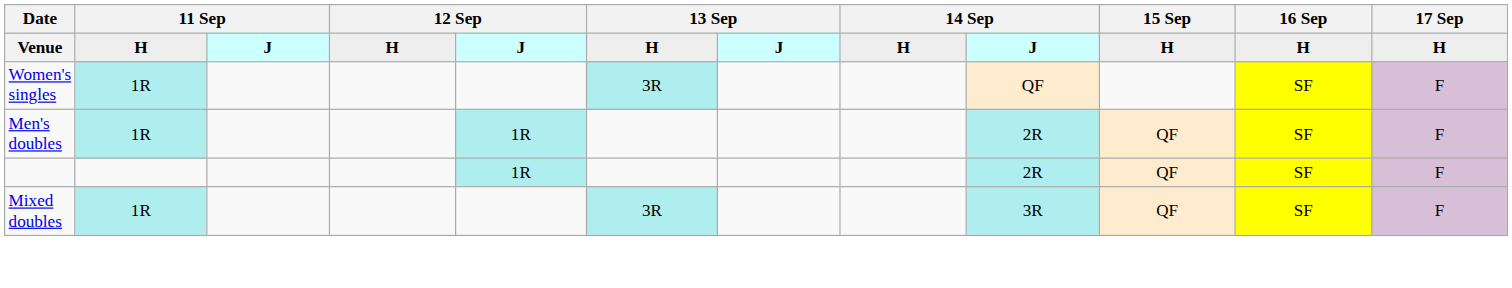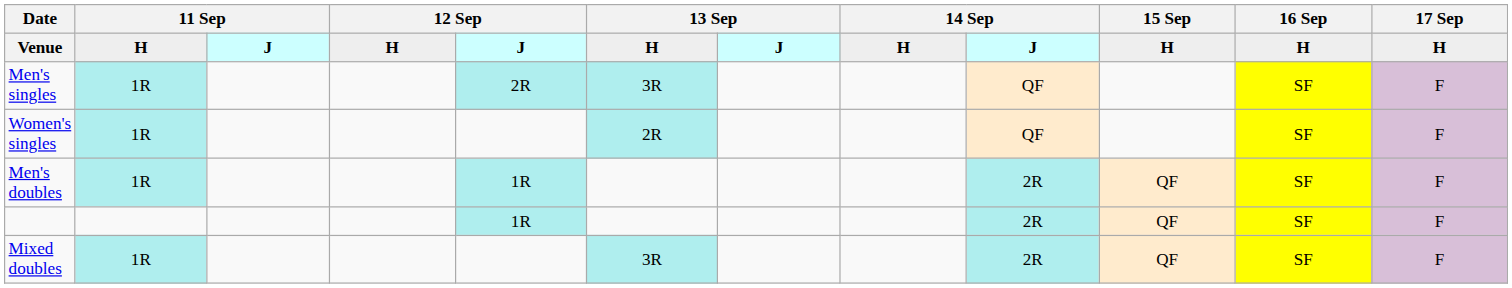 <table class="wikitable" style="margin:0.5em auto; font-size:90%; text-align:center; nowrap:yes">
 <tr>
 <th>Date</th>
 <th colspan="2">11 Sep</th>
 <th colspan="2">12 Sep</th>
 <th colspan="2">13 Sep</th>
 <th colspan="2">14 Sep</th>
 <th>15 Sep</th>
 <th>16 Sep</th>
 <th>17 Sep</th>
 </tr>
 <tr>
 <th>Venue</th>
 <th style="background-color:#EEEEEE; width:25em">H</th>
 <th style="background-color:#CCFFFF; width:25em">J</th>
 <th style="background-color:#EEEEEE; width:25em">H</th>
 <th style="background-color:#CCFFFF; width:25em">J</th>
 <th style="background-color:#EEEEEE; width:25em">H</th>
 <th style="background-color:#CCFFFF; width:25em">J</th>
 <th style="background-color:#EEEEEE; width:25em">H</th>
 <th style="background-color:#CCFFFF; width:25em">J</th>
 <th style="background-color:#EEEEEE; width:25em">H</th>
 <th style="background-color:#EEEEEE; width:25em">H</th>
 <th style="background-color:#EEEEEE; width:25em">H</th>
 </tr>
 <tr>
+<td align="left"><a href='#'>Men's singles</a></td>
+<td bgcolor="#AFEEEE">1R</td>
+<td></td>
+<td></td>
+<td bgcolor="#AFEEEE">2R</td>
+<td bgcolor="#AFEEEE">3R</td>
+<td></td>
+<td></td>
+<td bgcolor="#FFEBCD">QF</td>
+<td></td>
+<td bgcolor="#FFFF00">SF</td>
+<td bgcolor="#D8BFD8">F</td>
+</tr>
+<tr>
 <td align="left"><a href='#'>Women's singles</a></td>
 <td bgcolor="#AFEEEE">1R</td>
 <td></td>
 <td></td>
 <td></td>
-<td bgcolor="#AFEEEE">3R</td>
+<td bgcolor="#AFEEEE">2R</td>
 <td></td>
 <td></td>
 <td bgcolor="#FFEBCD">QF</td>
 <td></td>
 <td bgcolor="#FFFF00">SF</td>
 <td bgcolor="#D8BFD8">F</td>
 </tr>
 <tr>
 <td align="left"><a href='#'>Men's doubles</a></td>
 <td bgcolor="#AFEEEE">1R</td>
 <td></td>
 <td></td>
 <td bgcolor="#AFEEEE">1R</td>
 <td></td>
 <td></td>
 <td></td>
 <td bgcolor="#AFEEEE">2R</td>
 <td bgcolor="#FFEBCD">QF</td>
 <td bgcolor="#FFFF00">SF</td>
 <td bgcolor="#D8BFD8">F</td>
 </tr>
 <tr>
 <td align="left"></td>
 <td></td>
 <td></td>
 <td></td>
 <td bgcolor="#AFEEEE">1R</td>
 <td></td>
 <td></td>
 <td></td>
 <td bgcolor="#AFEEEE">2R</td>
 <td bgcolor="#FFEBCD">QF</td>
 <td bgcolor="#FFFF00">SF</td>
 <td bgcolor="#D8BFD8">F</td>
 </tr>
 <tr>
 <td align="left"><a href='#'>Mixed doubles</a></td>
 <td bgcolor="#AFEEEE">1R</td>
 <td></td>
 <td></td>
 <td></td>
 <td bgcolor="#AFEEEE">3R</td>
 <td></td>
 <td></td>
-<td bgcolor="#AFEEEE">3R</td>
+<td bgcolor="#AFEEEE">2R</td>
 <td bgcolor="#FFEBCD">QF</td>
 <td bgcolor="#FFFF00">SF</td>
 <td bgcolor="#D8BFD8">F</td>
 </tr>
 </table>
